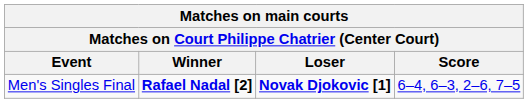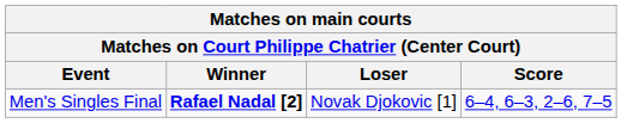 <table class="wikitable">
 <tr>
 <th colspan=4 style=white-space:nowrap>Matches on main courts</th>
 </tr>
 <tr>
 <th colspan=4>Matches on <a href='#'>Court Philippe Chatrier</a> (Center Court)</th>
 </tr>
 <tr>
 <th>Event</th>
 <th>Winner</th>
 <th>Loser</th>
 <th>Score</th>
 </tr>
 <tr>
 <td><a href='#'>Men's Singles Final</a></td>
 <td> <strong><a href='#'>Rafael Nadal</a> [2]</strong></td>
-<td><strong> <a href='#'>Novak Djokovic</a> [1]</strong></td>
+<td> <a href='#'>Novak Djokovic</a> [1]</td>
 <td><a href='#'>6–4, 6–3, 2–6, 7–5</a></td>
 </tr>
 </table>
